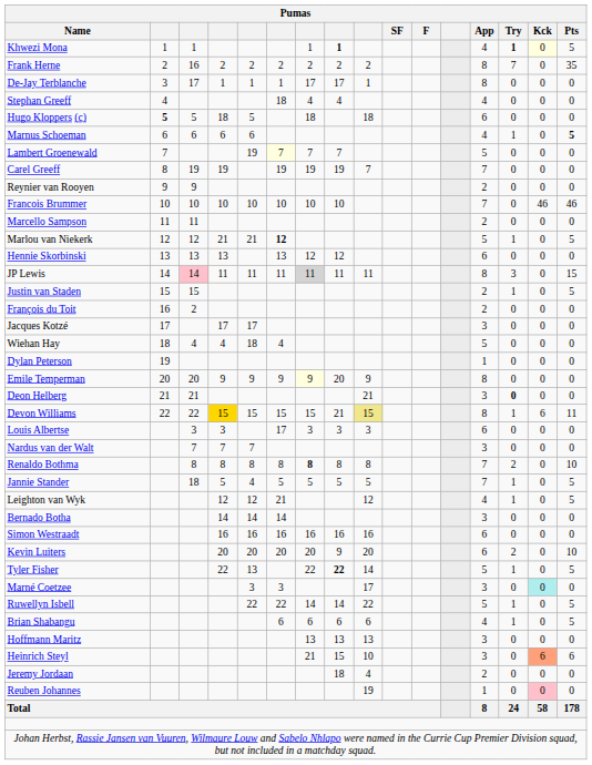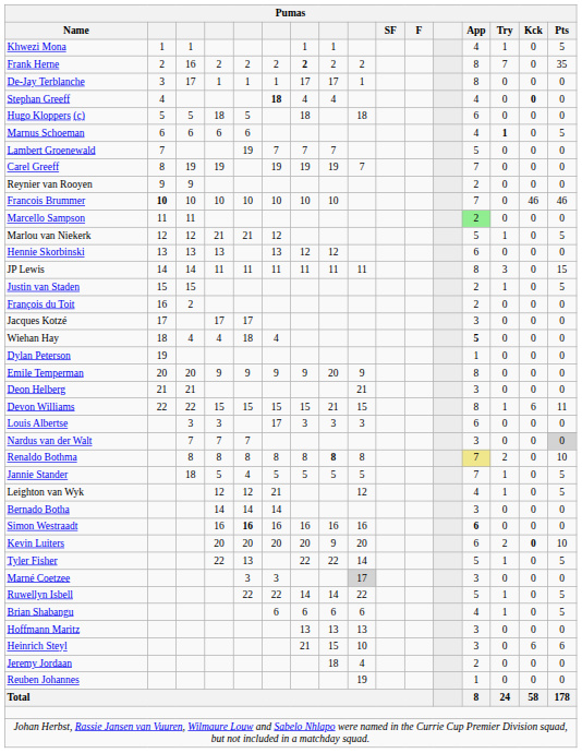 <table class="wikitable collapsible collapsed sortable" style="text-align:center; font-size:90%; width:90%">
 <tr>
 <th colspan="100%">Pumas</th>
 </tr>
 <tr>
 <th style="width:25%;">Name</th>
 <th style="width:5%;"></th>
 <th style="width:5%;"></th>
 <th style="width:5%;"></th>
 <th style="width:5%;"></th>
 <th style="width:5%;"></th>
 <th style="width:5%;"></th>
 <th style="width:5%;"></th>
 <th style="width:5%;"></th>
 <th style="width:5%;">SF</th>
 <th style="width:5%;">F</th>
 <th style="width:5%;"></th>
 <th style="width:5%;">App</th>
 <th style="width:5%;">Try</th>
 <th style="width:5%;">Kck</th>
 <th style="width:5%;">Pts</th>
 </tr>
 <tr>
 <td style="text-align:left;"><a href='#'>Khwezi Mona</a></td>
 <td>1</td>
 <td>1</td>
 <td></td>
 <td></td>
 <td></td>
 <td>1</td>
-<td><strong>1</strong></td>
+<td>1</td>
 <td></td>
 <td></td>
 <td></td>
 <td style="background:#ECECEC;"></td>
 <td>4</td>
-<td><strong>1</strong></td>
-<td style="background: lightyellow;">0</td>
+<td>1</td>
+<td>0</td>
 <td>5</td>
 </tr>
 <tr>
 <td style="text-align:left;"><a href='#'>Frank Herne</a></td>
 <td>2</td>
 <td>16 </td>
 <td>2</td>
 <td>2</td>
 <td>2</td>
-<td>2</td>
+<td><strong>2</strong></td>
 <td>2</td>
 <td>2</td>
 <td></td>
 <td></td>
 <td style="background:#ECECEC;"></td>
 <td>8</td>
 <td>7</td>
 <td>0</td>
 <td>35</td>
 </tr>
 <tr>
 <td style="text-align:left;"><a href='#'>De-Jay Terblanche</a></td>
 <td>3</td>
 <td>17 </td>
 <td>1</td>
 <td>1</td>
 <td>1</td>
 <td>17 </td>
 <td>17 </td>
 <td>1</td>
 <td></td>
 <td></td>
 <td style="background:#ECECEC;"></td>
 <td>8</td>
 <td>0</td>
 <td>0</td>
 <td>0</td>
 </tr>
 <tr>
 <td style="text-align:left;"><a href='#'>Stephan Greeff</a></td>
 <td>4</td>
 <td></td>
 <td></td>
 <td></td>
-<td>18 </td>
+<td><strong>18 </strong></td>
 <td>4</td>
 <td>4</td>
 <td></td>
 <td></td>
 <td></td>
 <td style="background:#ECECEC;"></td>
 <td>4</td>
 <td>0</td>
-<td>0</td>
+<td><strong>0</strong></td>
 <td>0</td>
 </tr>
 <tr>
 <td style="text-align:left;"><a href='#'>Hugo Kloppers</a>  <a href='#'>(c)</a></td>
-<td><strong>5</strong></td>
+<td>5</td>
 <td>5</td>
 <td>18 </td>
 <td>5</td>
 <td></td>
 <td>18 </td>
 <td></td>
 <td>18 </td>
 <td></td>
 <td></td>
 <td style="background:#ECECEC;"></td>
 <td>6</td>
 <td>0</td>
 <td>0</td>
 <td>0</td>
 </tr>
 <tr>
 <td style="text-align:left;"><a href='#'>Marnus Schoeman</a></td>
 <td>6</td>
 <td>6</td>
 <td>6</td>
 <td>6</td>
 <td></td>
 <td></td>
 <td></td>
 <td></td>
 <td></td>
 <td></td>
 <td style="background:#ECECEC;"></td>
 <td>4</td>
-<td>1</td>
+<td><strong>1</strong></td>
 <td>0</td>
-<td><strong>5</strong></td>
+<td>5</td>
 </tr>
 <tr>
 <td style="text-align:left;"><a href='#'>Lambert Groenewald</a></td>
 <td>7</td>
 <td></td>
 <td></td>
 <td>19 </td>
-<td style="background: lightyellow;">7</td>
+<td>7</td>
 <td>7</td>
 <td>7</td>
 <td></td>
 <td></td>
 <td></td>
 <td style="background:#ECECEC;"></td>
 <td>5</td>
 <td>0</td>
 <td>0</td>
 <td>0</td>
 </tr>
 <tr>
 <td style="text-align:left;"><a href='#'>Carel Greeff</a></td>
 <td>8</td>
 <td>19 </td>
 <td>19 </td>
 <td></td>
 <td>19 </td>
 <td>19 </td>
 <td>19 </td>
 <td>7</td>
 <td></td>
 <td></td>
 <td style="background:#ECECEC;"></td>
 <td>7</td>
 <td>0</td>
 <td>0</td>
 <td>0</td>
 </tr>
 <tr>
 <td style="text-align:left;">Reynier van Rooyen</td>
 <td>9</td>
 <td>9</td>
 <td></td>
 <td></td>
 <td></td>
 <td></td>
 <td></td>
 <td></td>
 <td></td>
 <td></td>
 <td style="background:#ECECEC;"></td>
 <td>2</td>
 <td>0</td>
 <td>0</td>
 <td>0</td>
 </tr>
 <tr>
 <td style="text-align:left;"><a href='#'>Francois Brummer</a></td>
-<td>10</td>
+<td><strong>10</strong></td>
 <td>10</td>
 <td>10</td>
 <td>10</td>
 <td>10</td>
 <td>10</td>
 <td>10</td>
 <td></td>
 <td></td>
 <td></td>
 <td style="background:#ECECEC;"></td>
 <td>7</td>
 <td>0</td>
 <td>46</td>
 <td>46</td>
 </tr>
 <tr>
 <td style="text-align:left;"><a href='#'>Marcello Sampson</a></td>
 <td>11</td>
 <td>11</td>
 <td></td>
 <td></td>
 <td></td>
 <td></td>
 <td></td>
 <td></td>
 <td></td>
 <td></td>
 <td style="background:#ECECEC;"></td>
-<td>2</td>
+<td style="background: lightgreen;">2</td>
 <td>0</td>
 <td>0</td>
 <td>0</td>
 </tr>
 <tr>
 <td style="text-align:left;">Marlou van Niekerk</td>
 <td>12</td>
 <td>12</td>
 <td>21 </td>
 <td>21 </td>
-<td><strong>12</strong></td>
+<td>12</td>
 <td></td>
 <td></td>
 <td></td>
 <td></td>
 <td></td>
 <td style="background:#ECECEC;"></td>
 <td>5</td>
 <td>1</td>
 <td>0</td>
 <td>5</td>
 </tr>
 <tr>
 <td style="text-align:left;"><a href='#'>Hennie Skorbinski</a></td>
 <td>13</td>
 <td>13</td>
 <td>13</td>
 <td></td>
 <td>13</td>
 <td>12</td>
 <td>12</td>
 <td></td>
 <td></td>
 <td></td>
 <td style="background:#ECECEC;"></td>
 <td>6</td>
 <td>0</td>
 <td>0</td>
 <td>0</td>
 </tr>
 <tr>
 <td style="text-align:left;">JP Lewis</td>
 <td>14</td>
-<td style="background: pink;">14</td>
+<td>14</td>
 <td>11</td>
 <td>11</td>
 <td>11</td>
-<td style="background: lightgrey;">11</td>
+<td>11</td>
 <td>11</td>
 <td>11</td>
 <td></td>
 <td></td>
 <td style="background:#ECECEC;"></td>
 <td>8</td>
 <td>3</td>
 <td>0</td>
 <td>15</td>
 </tr>
 <tr>
 <td style="text-align:left;"><a href='#'>Justin van Staden</a></td>
 <td>15</td>
 <td>15</td>
 <td></td>
 <td></td>
 <td></td>
 <td></td>
 <td></td>
 <td></td>
 <td></td>
 <td></td>
 <td style="background:#ECECEC;"></td>
 <td>2</td>
 <td>1</td>
 <td>0</td>
 <td>5</td>
 </tr>
 <tr>
 <td style="text-align:left;"><a href='#'>François du Toit</a></td>
 <td>16 </td>
 <td>2</td>
 <td></td>
 <td></td>
 <td></td>
 <td></td>
 <td></td>
 <td></td>
 <td></td>
 <td></td>
 <td style="background:#ECECEC;"></td>
 <td>2</td>
 <td>0</td>
 <td>0</td>
 <td>0</td>
 </tr>
 <tr>
 <td style="text-align:left;">Jacques Kotzé</td>
 <td>17 </td>
 <td></td>
 <td>17 </td>
 <td>17 </td>
 <td></td>
 <td></td>
 <td></td>
 <td></td>
 <td></td>
 <td></td>
 <td style="background:#ECECEC;"></td>
 <td>3</td>
 <td>0</td>
 <td>0</td>
 <td>0</td>
 </tr>
 <tr>
 <td style="text-align:left;">Wiehan Hay</td>
 <td>18 </td>
 <td>4</td>
 <td>4</td>
 <td>18 </td>
 <td>4</td>
 <td></td>
 <td></td>
 <td></td>
 <td></td>
 <td></td>
 <td style="background:#ECECEC;"></td>
-<td>5</td>
+<td><strong>5</strong></td>
 <td>0</td>
 <td>0</td>
 <td>0</td>
 </tr>
 <tr>
 <td style="text-align:left;"><a href='#'>Dylan Peterson</a></td>
 <td>19 </td>
 <td></td>
 <td></td>
 <td></td>
 <td></td>
 <td></td>
 <td></td>
 <td></td>
 <td></td>
 <td></td>
 <td style="background:#ECECEC;"></td>
 <td>1</td>
 <td>0</td>
 <td>0</td>
 <td>0</td>
 </tr>
 <tr>
 <td style="text-align:left;"><a href='#'>Emile Temperman</a></td>
 <td>20 </td>
 <td>20 </td>
 <td>9</td>
 <td>9</td>
 <td>9</td>
-<td style="background: lightyellow;">9</td>
+<td>9</td>
 <td>20 </td>
 <td>9</td>
 <td></td>
 <td></td>
 <td style="background:#ECECEC;"></td>
 <td>8</td>
 <td>0</td>
 <td>0</td>
 <td>0</td>
 </tr>
 <tr>
 <td style="text-align:left;"><a href='#'>Deon Helberg</a></td>
 <td>21 </td>
 <td>21 </td>
 <td></td>
 <td></td>
 <td></td>
 <td></td>
 <td></td>
 <td>21 </td>
 <td></td>
 <td></td>
 <td style="background:#ECECEC;"></td>
 <td>3</td>
-<td><strong>0</strong></td>
+<td>0</td>
 <td>0</td>
 <td>0</td>
 </tr>
 <tr>
 <td style="text-align:left;"><a href='#'>Devon Williams</a></td>
 <td>22 </td>
 <td>22 </td>
-<td style="background: gold;">15</td>
+<td>15</td>
 <td>15</td>
 <td>15</td>
 <td>15</td>
 <td>21 </td>
-<td style="background: khaki;">15</td>
+<td>15</td>
 <td></td>
 <td></td>
 <td style="background:#ECECEC;"></td>
 <td>8</td>
 <td>1</td>
 <td>6</td>
 <td>11</td>
 </tr>
 <tr>
 <td style="text-align:left;"><a href='#'>Louis Albertse</a></td>
 <td></td>
 <td>3</td>
 <td>3</td>
 <td></td>
 <td>17 </td>
 <td>3</td>
 <td>3</td>
 <td>3</td>
 <td></td>
 <td></td>
 <td style="background:#ECECEC;"></td>
 <td>6</td>
 <td>0</td>
 <td>0</td>
 <td>0</td>
 </tr>
 <tr>
 <td style="text-align:left;"><a href='#'>Nardus van der Walt</a></td>
 <td></td>
 <td>7</td>
 <td>7</td>
 <td>7</td>
 <td></td>
 <td></td>
 <td></td>
 <td></td>
 <td></td>
 <td></td>
 <td style="background:#ECECEC;"></td>
 <td>3</td>
 <td>0</td>
 <td>0</td>
-<td>0</td>
+<td style="background: lightgrey;">0</td>
 </tr>
 <tr>
 <td style="text-align:left;"><a href='#'>Renaldo Bothma</a></td>
 <td></td>
 <td>8</td>
 <td>8</td>
 <td>8</td>
 <td>8</td>
+<td>8</td>
 <td><strong>8</strong></td>
-<td>8</td>
 <td>8</td>
 <td></td>
 <td></td>
 <td style="background:#ECECEC;"></td>
-<td>7</td>
+<td style="background: khaki;">7</td>
 <td>2</td>
 <td>0</td>
 <td>10</td>
 </tr>
 <tr>
 <td style="text-align:left;"><a href='#'>Jannie Stander</a></td>
 <td></td>
 <td>18 </td>
 <td>5</td>
 <td>4</td>
 <td>5</td>
 <td>5</td>
 <td>5</td>
 <td>5</td>
 <td></td>
 <td></td>
 <td style="background:#ECECEC;"></td>
 <td>7</td>
 <td>1</td>
 <td>0</td>
 <td>5</td>
 </tr>
 <tr>
 <td style="text-align:left;">Leighton van Wyk</td>
 <td></td>
 <td></td>
 <td>12</td>
 <td>12</td>
 <td>21 </td>
 <td></td>
 <td></td>
 <td>12</td>
 <td></td>
 <td></td>
 <td style="background:#ECECEC;"></td>
 <td>4</td>
 <td>1</td>
 <td>0</td>
 <td>5</td>
 </tr>
 <tr>
 <td style="text-align:left;"><a href='#'>Bernado Botha</a></td>
 <td></td>
 <td></td>
 <td>14</td>
 <td>14</td>
 <td>14</td>
 <td></td>
 <td></td>
 <td></td>
 <td></td>
 <td></td>
 <td style="background:#ECECEC;"></td>
 <td>3</td>
 <td>0</td>
 <td>0</td>
 <td>0</td>
 </tr>
 <tr>
 <td style="text-align:left;"><a href='#'>Simon Westraadt</a></td>
 <td></td>
 <td></td>
 <td>16 </td>
-<td>16 </td>
+<td><strong>16 </strong></td>
 <td>16 </td>
 <td>16 </td>
 <td>16 </td>
 <td>16 </td>
 <td></td>
 <td></td>
 <td style="background:#ECECEC;"></td>
-<td>6</td>
+<td><strong>6</strong></td>
 <td>0</td>
 <td>0</td>
 <td>0</td>
 </tr>
 <tr>
 <td style="text-align:left;"><a href='#'>Kevin Luiters</a></td>
 <td></td>
 <td></td>
 <td>20 </td>
 <td>20 </td>
 <td>20 </td>
 <td>20 </td>
 <td>9</td>
 <td>20 </td>
 <td></td>
 <td></td>
 <td style="background:#ECECEC;"></td>
 <td>6</td>
 <td>2</td>
-<td>0</td>
+<td><strong>0</strong></td>
 <td>10</td>
 </tr>
 <tr>
 <td style="text-align:left;"><a href='#'>Tyler Fisher</a></td>
 <td></td>
 <td></td>
 <td>22 </td>
 <td>13</td>
 <td></td>
 <td>22 </td>
-<td><strong>22 </strong></td>
+<td>22 </td>
 <td>14</td>
 <td></td>
 <td></td>
 <td style="background:#ECECEC;"></td>
 <td>5</td>
 <td>1</td>
 <td>0</td>
 <td>5</td>
 </tr>
 <tr>
 <td style="text-align:left;"><a href='#'>Marné Coetzee</a></td>
 <td></td>
 <td></td>
 <td></td>
 <td>3</td>
 <td>3</td>
 <td></td>
 <td></td>
-<td>17 </td>
+<td style="background: lightgrey;">17 </td>
 <td></td>
 <td></td>
 <td style="background:#ECECEC;"></td>
 <td>3</td>
 <td>0</td>
-<td style="background: paleturquoise;">0</td>
+<td>0</td>
 <td>0</td>
 </tr>
 <tr>
 <td style="text-align:left;"><a href='#'>Ruwellyn Isbell</a></td>
 <td></td>
 <td></td>
 <td></td>
 <td>22 </td>
 <td>22 </td>
 <td>14</td>
 <td>14</td>
 <td>22 </td>
 <td></td>
 <td></td>
 <td style="background:#ECECEC;"></td>
 <td>5</td>
 <td>1</td>
 <td>0</td>
 <td>5</td>
 </tr>
 <tr>
 <td style="text-align:left;"><a href='#'>Brian Shabangu</a></td>
 <td></td>
 <td></td>
 <td></td>
 <td></td>
 <td>6</td>
 <td>6</td>
 <td>6</td>
 <td>6</td>
 <td></td>
 <td></td>
 <td style="background:#ECECEC;"></td>
 <td>4</td>
 <td>1</td>
 <td>0</td>
 <td>5</td>
 </tr>
 <tr>
 <td style="text-align:left;"><a href='#'>Hoffmann Maritz</a></td>
 <td></td>
 <td></td>
 <td></td>
 <td></td>
 <td></td>
 <td>13</td>
 <td>13</td>
 <td>13</td>
 <td></td>
 <td></td>
 <td style="background:#ECECEC;"></td>
 <td>3</td>
 <td>0</td>
 <td>0</td>
 <td>0</td>
 </tr>
 <tr>
 <td style="text-align:left;"><a href='#'>Heinrich Steyl</a></td>
 <td></td>
 <td></td>
 <td></td>
 <td></td>
 <td></td>
 <td>21 </td>
 <td>15</td>
 <td>10</td>
 <td></td>
 <td></td>
 <td style="background:#ECECEC;"></td>
 <td>3</td>
 <td>0</td>
-<td style="background: lightsalmon;">6</td>
+<td>6</td>
 <td>6</td>
 </tr>
 <tr>
 <td style="text-align:left;"><a href='#'>Jeremy Jordaan</a></td>
 <td></td>
 <td></td>
 <td></td>
 <td></td>
 <td></td>
 <td></td>
 <td>18 </td>
 <td>4</td>
 <td></td>
 <td></td>
 <td style="background:#ECECEC;"></td>
 <td>2</td>
 <td>0</td>
 <td>0</td>
 <td>0</td>
 </tr>
 <tr>
 <td style="text-align:left;"><a href='#'>Reuben Johannes</a></td>
 <td></td>
 <td></td>
 <td></td>
 <td></td>
 <td></td>
 <td></td>
 <td></td>
 <td>19 </td>
 <td></td>
 <td></td>
 <td style="background:#ECECEC;"></td>
 <td>1</td>
 <td>0</td>
-<td style="background: pink;">0</td>
+<td>0</td>
 <td>0</td>
 </tr>
 <tr>
 <th colspan="11" style="text-align:left;">Total</th>
 <th style="background:#ECECEC;"></th>
 <th>8</th>
 <th>24</th>
 <th>58</th>
 <th>178</th>
 </tr>
 <tr>
 <td colspan="100%" style="height: 10px;"></td>
 </tr>
 <tr>
 <td colspan="100%" style="text-align:center;"><em>Johan Herbst, <a href='#'>Rassie Jansen van Vuuren</a>, <a href='#'>Wilmaure Louw</a> and <a href='#'>Sabelo Nhlapo</a> were named in the Currie Cup Premier Division squad, but not included in a matchday squad.</em></td>
 </tr>
 </table>
